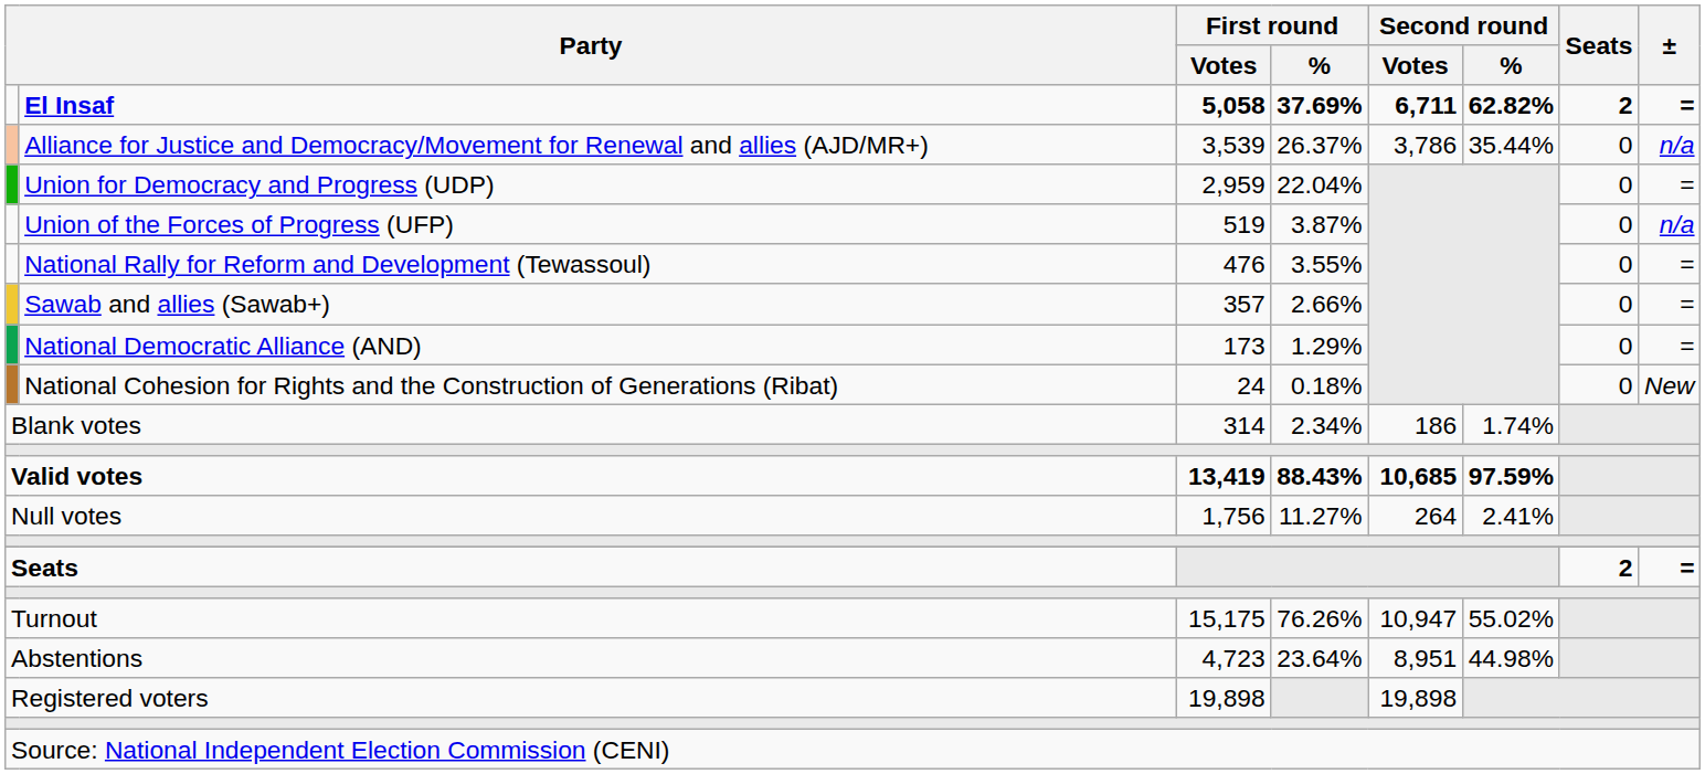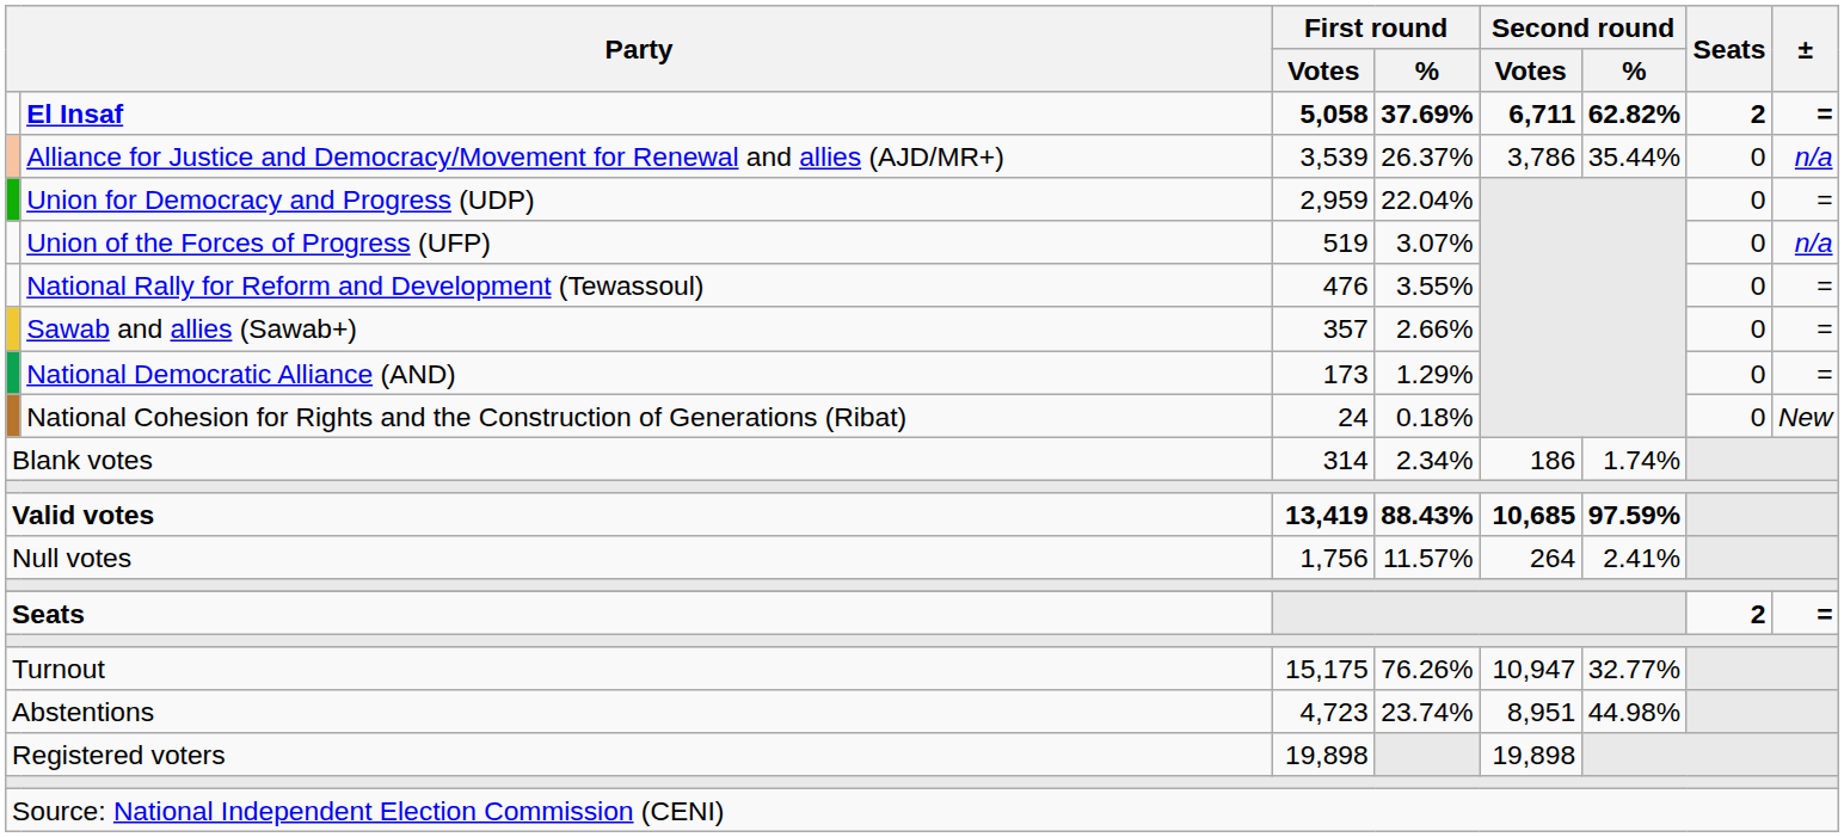 <table class="wikitable" style="text-align:right;font-size:95%;">
 <tr>
 <th rowspan="2" colspan="2" width="700">Party</th>
 <th colspan="2">First round</th>
 <th colspan="2">Second round</th>
 <th rowspan="2" width="25">Seats</th>
 <th rowspan="2" width="20">±</th>
 </tr>
 <tr>
 <th width="50">Votes</th>
 <th width="50">%</th>
 <th width="50">Votes</th>
 <th width="50">%</th>
 </tr>
 <tr>
 <td width="1" style="color:inherit;background:"></td>
 <td style="text-align:left;"><strong><a href='#'>El Insaf</a></strong></td>
 <td><strong>5,058</strong></td>
 <td><strong>37.69%</strong></td>
 <td><strong>6,711</strong></td>
 <td><strong>62.82%</strong></td>
 <td><strong>2</strong></td>
 <td><strong>=</strong></td>
 </tr>
 <tr>
 <td width="1" style="color:inherit;background:#F8C3A0;"></td>
 <td style="text-align:left;"><a href='#'>Alliance for Justice and Democracy/Movement for Renewal</a> and <a href='#'>allies</a> (AJD/MR+)</td>
 <td>3,539</td>
 <td>26.37%</td>
 <td>3,786</td>
 <td>35.44%</td>
 <td>0</td>
 <td><em><a href='#'>n/a</a></em></td>
 </tr>
 <tr>
 <td width="1" style="color:inherit;background:#0FAF05;"></td>
 <td style="text-align:left;"><a href='#'>Union for Democracy and Progress</a> (UDP)</td>
 <td>2,959</td>
 <td>22.04%</td>
 <td colspan="2" rowspan="6" style="background:#E9E9E9;"></td>
 <td>0</td>
 <td>=</td>
 </tr>
 <tr>
 <td width="1" style="color:inherit;background:"></td>
 <td style="text-align:left;"><a href='#'>Union of the Forces of Progress</a> (UFP)</td>
 <td>519</td>
-<td>3.87%</td>
+<td>3.07%</td>
 <td>0</td>
 <td><em><a href='#'>n/a</a></em></td>
 </tr>
 <tr>
 <td width="1" style="color:inherit;background:"></td>
 <td style="text-align:left;"><a href='#'>National Rally for Reform and Development</a> (Tewassoul)</td>
 <td>476</td>
 <td>3.55%</td>
 <td>0</td>
 <td>=</td>
 </tr>
 <tr>
 <td width="1" style="color:inherit;background:#F0C832;"></td>
 <td style="text-align:left;"><a href='#'>Sawab</a> and <a href='#'>allies</a> (Sawab+)</td>
 <td>357</td>
 <td>2.66%</td>
 <td>0</td>
 <td>=</td>
 </tr>
 <tr>
 <td width="1" style="color:inherit;background:#0AA450;"></td>
 <td style="text-align:left;"><a href='#'>National Democratic Alliance</a> (AND)</td>
 <td>173</td>
 <td>1.29%</td>
 <td>0</td>
 <td>=</td>
 </tr>
 <tr>
 <td width="1" style="color:inherit;background:#B7752C;"></td>
 <td style="text-align:left;">National Cohesion for Rights and the Construction of Generations (Ribat)</td>
 <td>24</td>
 <td>0.18%</td>
 <td>0</td>
 <td><em>New</em></td>
 </tr>
 <tr>
 <td colspan="2" style="text-align:left;">Blank votes</td>
 <td>314</td>
 <td>2.34%</td>
 <td>186</td>
 <td>1.74%</td>
 <td colspan="2" style="background:#E9E9E9;"></td>
 </tr>
 <tr>
 <td colspan="8" style="background:#E9E9E9;"></td>
 </tr>
 <tr style="font-weight:bold;">
 <td colspan="2" style="text-align:left;">Valid votes</td>
 <td>13,419</td>
 <td>88.43%</td>
 <td>10,685</td>
 <td>97.59%</td>
 <td colspan="2" style="background:#E9E9E9;"></td>
 </tr>
 <tr>
 <td colspan="2" style="text-align:left;">Null votes</td>
 <td>1,756</td>
-<td>11.27%</td>
+<td>11.57%</td>
 <td>264</td>
 <td>2.41%</td>
 <td colspan="2" style="background:#E9E9E9;"></td>
 </tr>
 <tr>
 <td colspan="8" style="background:#E9E9E9;"></td>
 </tr>
 <tr>
 </tr>
 <tr style="font-weight:bold;">
 <td colspan="2" style="text-align:left;">Seats</td>
 <td colspan="4" style="background:#E9E9E9;"></td>
 <td>2</td>
 <td>=</td>
 </tr>
 <tr>
 <td colspan="8" style="background:#E9E9E9;"></td>
 </tr>
 <tr>
 <td colspan="2" style="text-align:left;">Turnout</td>
 <td>15,175</td>
 <td>76.26%</td>
 <td>10,947</td>
-<td>55.02%</td>
+<td>32.77%</td>
 <td colspan="2" style="background:#E9E9E9;"></td>
 </tr>
 <tr>
 <td colspan="2" style="text-align:left;">Abstentions</td>
 <td>4,723</td>
-<td>23.64%</td>
+<td>23.74%</td>
 <td>8,951</td>
 <td>44.98%</td>
 <td colspan="2" style="background:#E9E9E9;"></td>
 </tr>
 <tr>
 <td colspan="2" style="text-align:left;">Registered voters</td>
 <td>19,898</td>
 <td style="color:inherit;background:#E9E9E9;"></td>
 <td>19,898</td>
 <td colspan="3" style="background:#E9E9E9;"></td>
 </tr>
 <tr>
 <td colspan="8" style="background:#E9E9E9;"></td>
 </tr>
 <tr>
 <td colspan="8" style="text-align:left;">Source: <a href='#'>National Independent Election Commission</a> (CENI)</td>
 </tr>
 </table>
